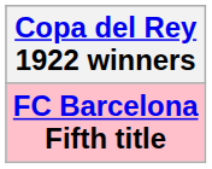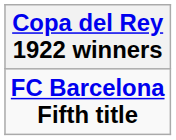 <table class="wikitable" style="text-align: center; margin: 0 auto;">
 <tr>
 <th><a href='#'>Copa del Rey</a><br>1922 winners</th>
 </tr>
 <tr>
-<td style="background: pink;"><strong><a href='#'>FC Barcelona</a></strong><br><strong>Fifth title</strong></td>
+<td><strong><a href='#'>FC Barcelona</a></strong><br><strong>Fifth title</strong></td>
 </tr>
 </table>
